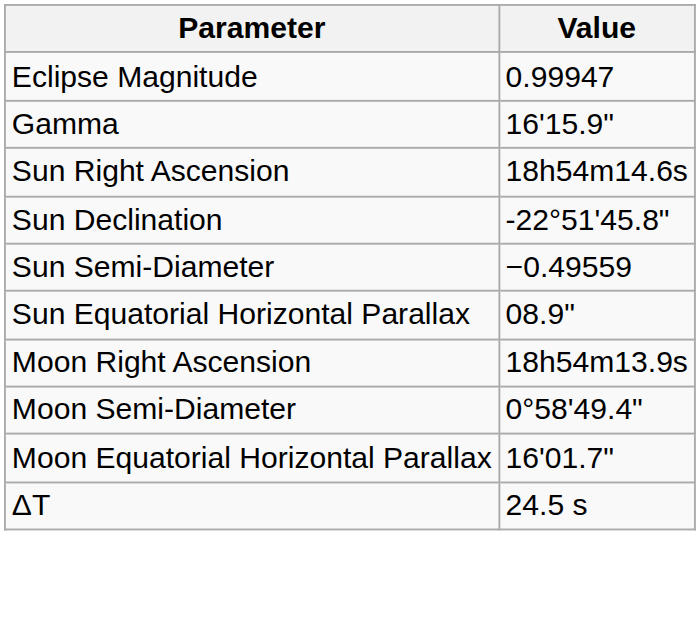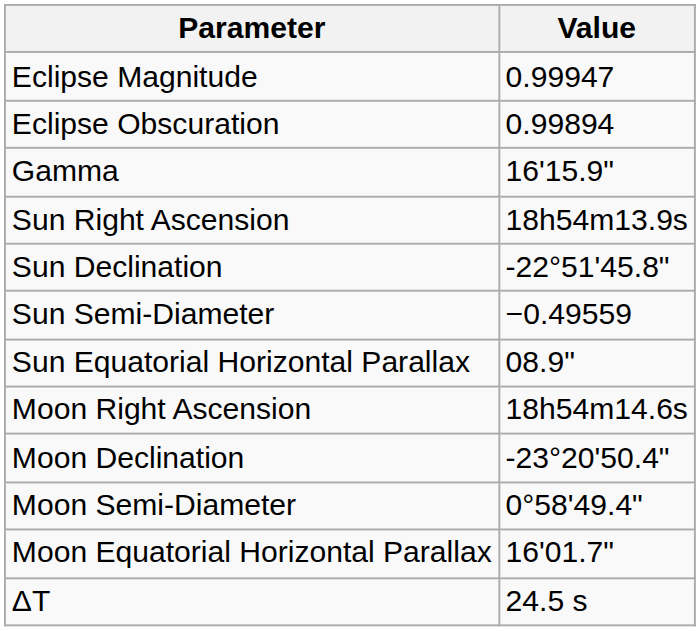 <table class="wikitable">
 <tr>
 <th>Parameter</th>
 <th>Value</th>
 </tr>
 <tr>
 <td>Eclipse Magnitude</td>
 <td>0.99947</td>
 </tr>
 <tr>
+<td>Eclipse Obscuration</td>
+<td>0.99894</td>
+</tr>
+<tr>
 <td>Gamma</td>
 <td>16'15.9"</td>
 </tr>
 <tr>
 <td>Sun Right Ascension</td>
-<td>18h54m14.6s</td>
+<td>18h54m13.9s</td>
 </tr>
 <tr>
 <td>Sun Declination</td>
 <td>-22°51'45.8"</td>
 </tr>
 <tr>
 <td>Sun Semi-Diameter</td>
 <td>−0.49559</td>
 </tr>
 <tr>
 <td>Sun Equatorial Horizontal Parallax</td>
 <td>08.9"</td>
 </tr>
 <tr>
 <td>Moon Right Ascension</td>
-<td>18h54m13.9s</td>
+<td>18h54m14.6s</td>
+</tr>
+<tr>
+<td>Moon Declination</td>
+<td>-23°20'50.4"</td>
 </tr>
 <tr>
 <td>Moon Semi-Diameter</td>
 <td>0°58'49.4"</td>
 </tr>
 <tr>
 <td>Moon Equatorial Horizontal Parallax</td>
 <td>16'01.7"</td>
 </tr>
 <tr>
 <td>ΔT</td>
 <td>24.5 s</td>
 </tr>
 </table>
